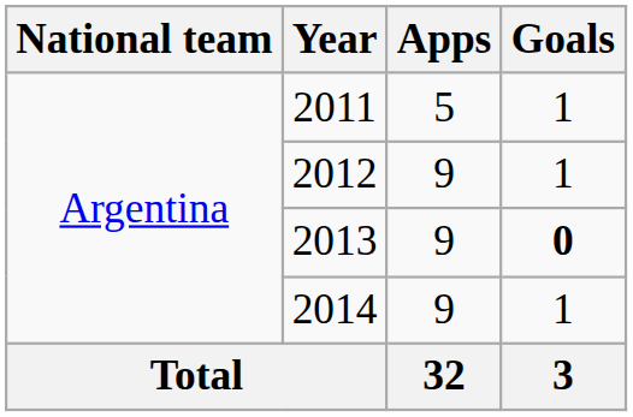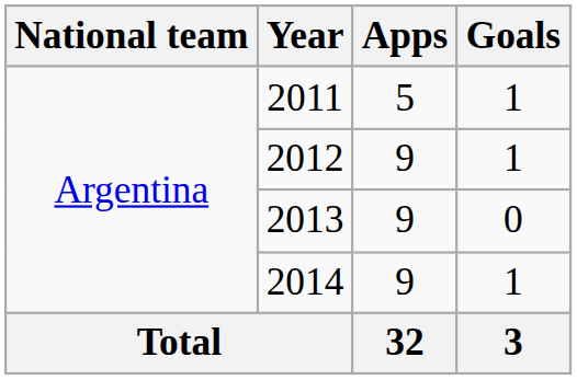 <table class="wikitable" style="text-align:center">
 <tr>
 <th>National team</th>
 <th>Year</th>
 <th>Apps</th>
 <th>Goals</th>
 </tr>
 <tr>
 <td rowspan="4"><a href='#'>Argentina</a></td>
 <td>2011</td>
 <td>5</td>
 <td>1</td>
 </tr>
 <tr>
 <td>2012</td>
 <td>9</td>
 <td>1</td>
 </tr>
 <tr>
 <td>2013</td>
 <td>9</td>
-<td><strong>0</strong></td>
+<td>0</td>
 </tr>
 <tr>
 <td>2014</td>
 <td>9</td>
 <td>1</td>
 </tr>
 <tr>
 <th colspan="2">Total</th>
 <th>32</th>
 <th>3</th>
 </tr>
 </table>
